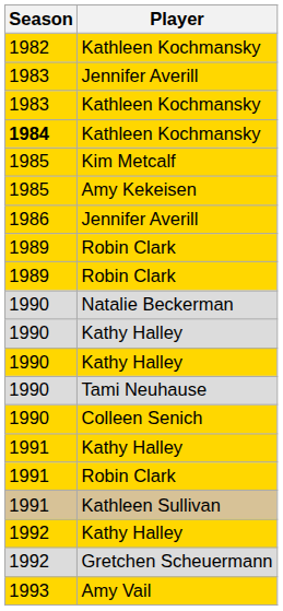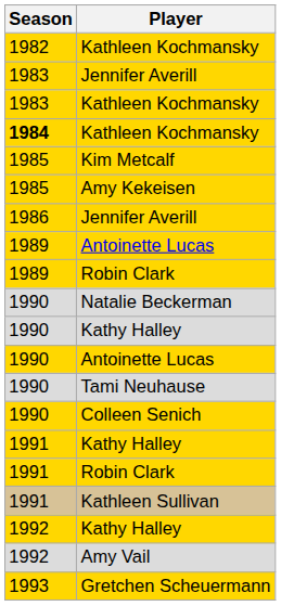 <table class="wikitable">
 <tr>
 <th width=>Season</th>
 <th width=>Player</th>
 </tr>
 <tr align="left"  style="background: #FFD700;">
 <td>1982</td>
 <td>Kathleen Kochmansky</td>
 </tr>
 <tr align="left"  style="background: #FFD700;">
 <td>1983</td>
 <td>Jennifer Averill</td>
 </tr>
 <tr align="left"  style="background: #FFD700;">
 <td>1983</td>
 <td>Kathleen Kochmansky</td>
 </tr>
 <tr align="left"  style="background: #FFD700;">
 <td><strong>1984</strong></td>
 <td>Kathleen Kochmansky</td>
 </tr>
 <tr align="left"  style="background: #FFD700;">
 <td>1985</td>
 <td>Kim Metcalf</td>
 </tr>
 <tr align="left"  style="background: #FFD700;">
 <td>1985</td>
 <td>Amy Kekeisen</td>
 </tr>
 <tr align="left"  style="background: #FFD700;">
 <td>1986</td>
 <td>Jennifer Averill</td>
 </tr>
 <tr align="left"  style="background: #FFD700;">
 <td>1989</td>
-<td>Robin Clark</td>
+<td><a href='#'>Antoinette Lucas</a></td>
 </tr>
 <tr align="left"  style="background: #FFD700;">
 <td>1989</td>
 <td>Robin Clark</td>
 </tr>
 <tr align="left"  style="background: #dcdcdc;">
 <td>1990</td>
 <td>Natalie Beckerman</td>
 </tr>
 <tr align="left"  style="background: #dcdcdc;">
 <td>1990</td>
 <td>Kathy Halley</td>
 </tr>
 <tr align="left"  style="background: #FFD700;">
 <td>1990</td>
-<td>Kathy Halley</td>
+<td>Antoinette Lucas</td>
 </tr>
 <tr align="left"  style="background: #dcdcdc;">
 <td>1990</td>
 <td>Tami Neuhause</td>
 </tr>
 <tr align="left"  style="background: #FFD700;">
 <td>1990</td>
 <td>Colleen Senich</td>
 </tr>
 <tr align="left"  style="background: #FFD700;">
 <td>1991</td>
 <td>Kathy Halley</td>
 </tr>
 <tr align="left"  style="background: #FFD700;">
 <td>1991</td>
 <td>Robin Clark</td>
 </tr>
 <tr align="left"  style="background: #d7c297;">
 <td>1991</td>
 <td>Kathleen Sullivan</td>
 </tr>
 <tr align="left"  style="background: #FFD700;">
 <td>1992</td>
 <td>Kathy Halley</td>
 </tr>
 <tr align="left"  style="background: #dcdcdc;">
 <td>1992</td>
-<td>Gretchen Scheuermann</td>
+<td>Amy Vail</td>
 </tr>
 <tr align="left"  style="background: #FFD700;">
 <td>1993</td>
-<td>Amy Vail</td>
+<td>Gretchen Scheuermann</td>
 </tr>
 </table>
